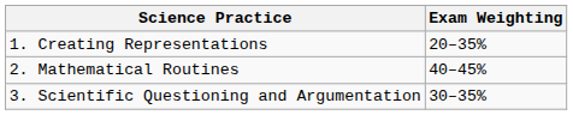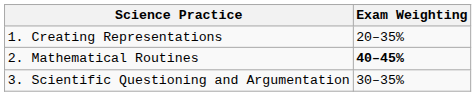 <table class="wikitable">
 <tr>
 <th>Science Practice</th>
 <th>Exam Weighting</th>
 </tr>
 <tr>
 <td>1. Creating Representations</td>
 <td>20–35%</td>
 </tr>
 <tr>
 <td>2. Mathematical Routines</td>
-<td>40–45%</td>
+<td><strong>40–45%</strong></td>
 </tr>
 <tr>
 <td>3. Scientific Questioning and Argumentation</td>
 <td>30–35%</td>
 </tr>
 </table>
